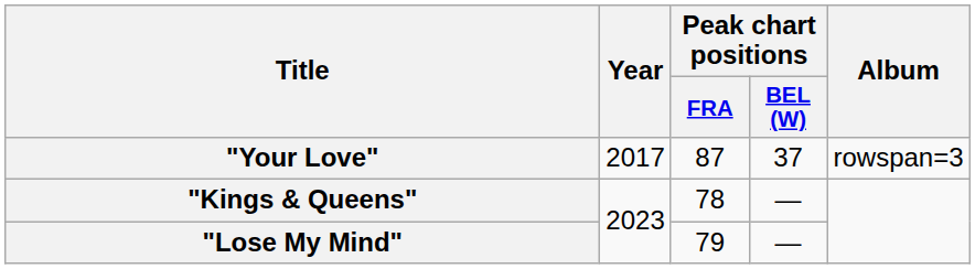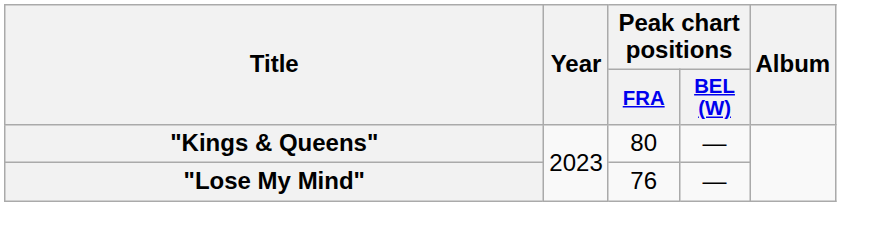 <table class="wikitable plainrowheaders" style="text-align:center;">
 <tr>
 <th scope="col" rowspan="2" style="width:22em;">Title</th>
 <th scope="col" rowspan="2" style="width:1em;">Year</th>
 <th scope="col" colspan="2">Peak chart positions</th>
 <th scope="col" rowspan="2">Album</th>
 </tr>
 <tr>
 <th scope="col" style="width:3em;font-size:85%;"><a href='#'>FRA</a><br></th>
 <th scope="col" style="width:3em;font-size:85%;"><a href='#'>BEL<br>(W)</a></th>
 </tr>
 <tr>
-<th scope="row">"Your Love"<br></th>
-<td>2017</td>
-<td>87</td>
-<td>37<br></td>
-<td>rowspan=3</td>
-</tr>
-<tr>
 <th scope="row">"Kings & Queens"</th>
 <td rowspan=2>2023</td>
-<td>78</td>
+<td>80</td>
 <td>—</td>
 </tr>
 <tr>
 <th scope="row">"Lose My Mind"</th>
-<td>79</td>
+<td>76</td>
 <td>—</td>
 </tr>
 </table>
